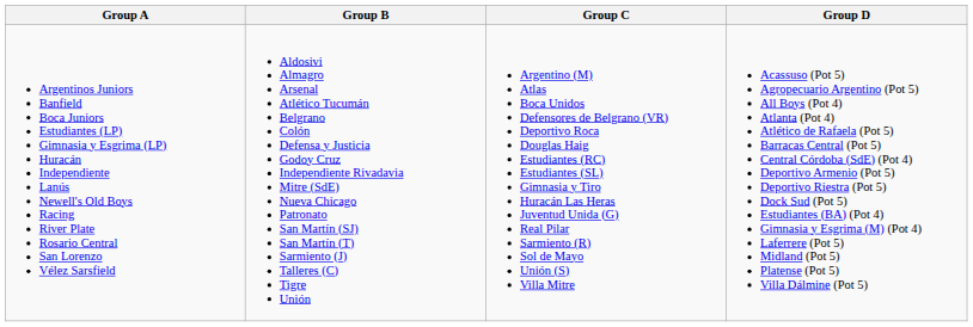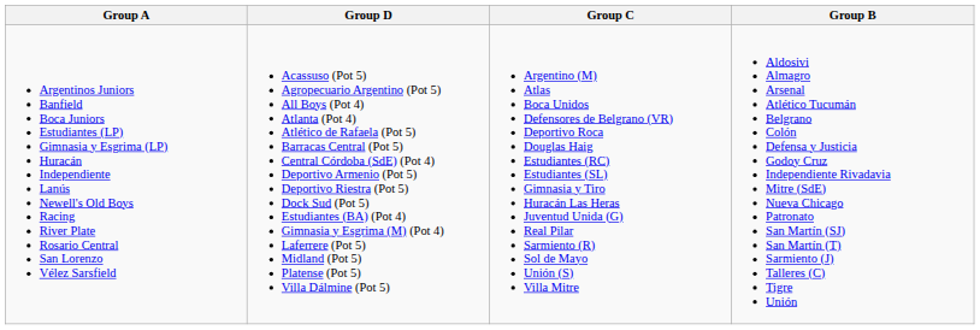 <table class="wikitable" width=98%>
 <tr>
 <th width=25%>Group A</th>
+<th width=25%>Group D</th>
+<th width=25%>Group C</th>
 <th width=25%>Group B</th>
-<th width=25%>Group C</th>
-<th width=25%>Group D</th>
 </tr>
 <tr>
 <td><br><ul><li> <a href='#'>Argentinos Juniors</a></li><li> <a href='#'>Banfield</a></li><li> <a href='#'>Boca Juniors</a></li><li> <a href='#'>Estudiantes (LP)</a></li><li> <a href='#'>Gimnasia y Esgrima (LP)</a></li><li> <a href='#'>Huracán</a></li><li> <a href='#'>Independiente</a></li><li> <a href='#'>Lanús</a></li><li> <a href='#'>Newell's Old Boys</a></li><li> <a href='#'>Racing</a></li><li> <a href='#'>River Plate</a></li><li> <a href='#'>Rosario Central</a></li><li> <a href='#'>San Lorenzo</a></li><li> <a href='#'>Vélez Sarsfield</a></li></ul></td>
+<td><br><ul><li> <a href='#'>Acassuso</a> (Pot 5)</li><li> <a href='#'>Agropecuario Argentino</a> (Pot 5)</li><li> <a href='#'>All Boys</a> (Pot 4)</li><li> <a href='#'>Atlanta</a> (Pot 4)</li><li> <a href='#'>Atlético de Rafaela</a> (Pot 5)</li><li> <a href='#'>Barracas Central</a> (Pot 5)</li><li> <a href='#'>Central Córdoba (SdE)</a> (Pot 4)</li><li> <a href='#'>Deportivo Armenio</a> (Pot 5)</li><li> <a href='#'>Deportivo Riestra</a> (Pot 5)</li><li> <a href='#'>Dock Sud</a> (Pot 5)</li><li> <a href='#'>Estudiantes (BA)</a> (Pot 4)</li><li> <a href='#'>Gimnasia y Esgrima (M)</a> (Pot 4)</li><li> <a href='#'>Laferrere</a> (Pot 5)</li><li> <a href='#'>Midland</a> (Pot 5)</li><li> <a href='#'>Platense</a> (Pot 5)</li><li> <a href='#'>Villa Dálmine</a> (Pot 5)</li></ul></td>
+<td><br><ul><li> <a href='#'>Argentino (M)</a></li><li> <a href='#'>Atlas</a></li><li> <a href='#'>Boca Unidos</a></li><li> <a href='#'>Defensores de Belgrano (VR)</a></li><li> <a href='#'>Deportivo Roca</a> </li><li> <a href='#'>Douglas Haig</a></li><li> <a href='#'>Estudiantes (RC)</a></li><li> <a href='#'>Estudiantes (SL)</a></li><li> <a href='#'>Gimnasia y Tiro</a> </li><li> <a href='#'>Huracán Las Heras</a></li><li> <a href='#'>Juventud Unida (G)</a></li><li> <a href='#'>Real Pilar</a></li><li> <a href='#'>Sarmiento (R)</a></li><li> <a href='#'>Sol de Mayo</a></li><li> <a href='#'>Unión (S)</a></li><li> <a href='#'>Villa Mitre</a></li></ul></td>
 <td><br><ul><li> <a href='#'>Aldosivi</a></li><li> <a href='#'>Almagro</a></li><li> <a href='#'>Arsenal</a></li><li> <a href='#'>Atlético Tucumán</a></li><li> <a href='#'>Belgrano</a></li><li> <a href='#'>Colón</a></li><li> <a href='#'>Defensa y Justicia</a></li><li> <a href='#'>Godoy Cruz</a></li><li> <a href='#'>Independiente Rivadavia</a></li><li> <a href='#'>Mitre (SdE)</a></li><li> <a href='#'>Nueva Chicago</a></li><li> <a href='#'>Patronato</a></li><li> <a href='#'>San Martín (SJ)</a></li><li> <a href='#'>San Martín (T)</a></li><li> <a href='#'>Sarmiento (J)</a></li><li> <a href='#'>Talleres (C)</a></li><li> <a href='#'>Tigre</a></li><li> <a href='#'>Unión</a></li></ul></td>
-<td><br><ul><li> <a href='#'>Argentino (M)</a></li><li> <a href='#'>Atlas</a></li><li> <a href='#'>Boca Unidos</a></li><li> <a href='#'>Defensores de Belgrano (VR)</a></li><li> <a href='#'>Deportivo Roca</a> </li><li> <a href='#'>Douglas Haig</a></li><li> <a href='#'>Estudiantes (RC)</a></li><li> <a href='#'>Estudiantes (SL)</a></li><li> <a href='#'>Gimnasia y Tiro</a> </li><li> <a href='#'>Huracán Las Heras</a></li><li> <a href='#'>Juventud Unida (G)</a></li><li> <a href='#'>Real Pilar</a></li><li> <a href='#'>Sarmiento (R)</a></li><li> <a href='#'>Sol de Mayo</a></li><li> <a href='#'>Unión (S)</a></li><li> <a href='#'>Villa Mitre</a></li></ul></td>
-<td><br><ul><li> <a href='#'>Acassuso</a> (Pot 5)</li><li> <a href='#'>Agropecuario Argentino</a> (Pot 5)</li><li> <a href='#'>All Boys</a> (Pot 4)</li><li> <a href='#'>Atlanta</a> (Pot 4)</li><li> <a href='#'>Atlético de Rafaela</a> (Pot 5)</li><li> <a href='#'>Barracas Central</a> (Pot 5)</li><li> <a href='#'>Central Córdoba (SdE)</a> (Pot 4)</li><li> <a href='#'>Deportivo Armenio</a> (Pot 5)</li><li> <a href='#'>Deportivo Riestra</a> (Pot 5)</li><li> <a href='#'>Dock Sud</a> (Pot 5)</li><li> <a href='#'>Estudiantes (BA)</a> (Pot 4)</li><li> <a href='#'>Gimnasia y Esgrima (M)</a> (Pot 4)</li><li> <a href='#'>Laferrere</a> (Pot 5)</li><li> <a href='#'>Midland</a> (Pot 5)</li><li> <a href='#'>Platense</a> (Pot 5)</li><li> <a href='#'>Villa Dálmine</a> (Pot 5)</li></ul></td>
 </tr>
 </table>
